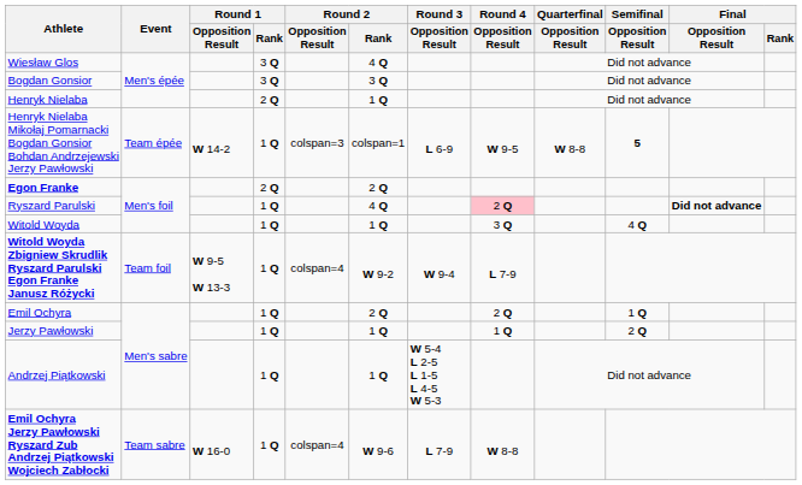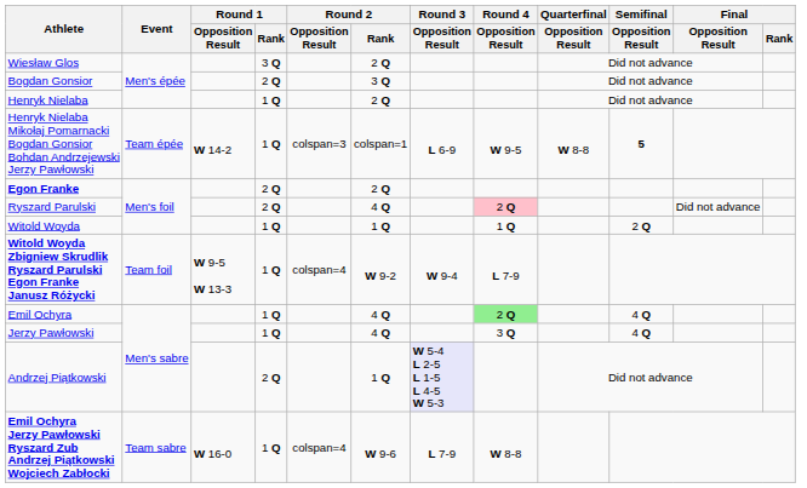 <table class="wikitable" style="font-size:90%;">
 <tr>
 <th rowspan="2">Athlete</th>
 <th rowspan="2">Event</th>
 <th colspan="2">Round 1</th>
 <th colspan="2">Round 2</th>
 <th colspan="1">Round 3</th>
 <th colspan="1">Round 4</th>
 <th colspan="1">Quarterfinal</th>
 <th colspan="1">Semifinal</th>
 <th colspan=2>Final</th>
 </tr>
 <tr style="font-size:95%">
 <th>Opposition<br>Result</th>
 <th>Rank</th>
 <th>Opposition<br>Result</th>
 <th>Rank</th>
 <th>Opposition<br>Result</th>
 <th>Opposition<br>Result</th>
 <th>Opposition<br>Result</th>
 <th>Opposition<br>Result</th>
 <th>Opposition<br>Result</th>
 <th>Rank</th>
 </tr>
 <tr align=center>
 <td align=left><a href='#'>Wiesław Glos</a></td>
 <td align=left rowspan=3><a href='#'>Men's épée</a></td>
 <td></td>
 <td>3 <strong>Q</strong></td>
 <td></td>
-<td>4 <strong>Q</strong></td>
+<td>2 <strong>Q</strong></td>
 <td></td>
 <td></td>
 <td colspan=3>Did not advance</td>
 <td></td>
 </tr>
 <tr align=center>
 <td align=left><a href='#'>Bogdan Gonsior</a></td>
 <td></td>
-<td>3 <strong>Q</strong></td>
+<td>2 <strong>Q</strong></td>
 <td></td>
 <td>3 <strong>Q</strong></td>
 <td></td>
 <td></td>
 <td colspan=3>Did not advance</td>
 <td></td>
 </tr>
 <tr align=center>
 <td align=left><a href='#'>Henryk Nielaba</a></td>
 <td></td>
+<td>1 <strong>Q</strong></td>
+<td></td>
 <td>2 <strong>Q</strong></td>
-<td></td>
-<td>1 <strong>Q</strong></td>
 <td></td>
 <td></td>
 <td colspan=3>Did not advance</td>
 <td></td>
 </tr>
 <tr align=center>
 <td align=left><a href='#'>Henryk Nielaba</a><br><a href='#'>Mikołaj Pomarnacki</a><br><a href='#'>Bogdan Gonsior</a><br><a href='#'>Bohdan Andrzejewski</a><br><a href='#'>Jerzy Pawłowski</a></td>
 <td align=left><a href='#'>Team épée</a></td>
 <td align=left><br> <strong>W</strong> 14-2<br></td>
 <td>1 <strong>Q</strong></td>
 <td>colspan=3 </td>
 <td>colspan=1 </td>
 <td><br> <strong>L</strong> 6-9</td>
 <td><br> <strong>W</strong> 9-5</td>
 <td><br> <strong>W</strong> 8-8</td>
 <td><strong>5</strong></td>
 </tr>
 <tr align=center>
 <td align=left><strong><a href='#'>Egon Franke</a></strong></td>
 <td align=left rowspan=3><a href='#'>Men's foil</a></td>
 <td></td>
 <td>2 <strong>Q</strong></td>
 <td></td>
 <td>2 <strong>Q</strong></td>
 <td></td>
 <td></td>
 <td></td>
 <td></td>
 <td></td>
 <td></td>
 </tr>
 <tr align=center>
 <td align=left><a href='#'>Ryszard Parulski</a></td>
 <td></td>
-<td>1 <strong>Q</strong></td>
+<td>2 <strong>Q</strong></td>
 <td></td>
 <td>4 <strong>Q</strong></td>
 <td></td>
 <td style="background: pink;">2 <strong>Q</strong></td>
 <td></td>
 <td></td>
-<td colspan=1><strong>Did not advance</strong></td>
+<td colspan=1>Did not advance</td>
 <td></td>
 </tr>
 <tr align=center>
 <td align=left><a href='#'>Witold Woyda</a></td>
 <td></td>
 <td>1 <strong>Q</strong></td>
 <td></td>
 <td>1 <strong>Q</strong></td>
 <td></td>
-<td>3 <strong>Q</strong></td>
+<td>1 <strong>Q</strong></td>
 <td></td>
-<td>4 <strong>Q</strong></td>
+<td>2 <strong>Q</strong></td>
 <td></td>
 <td></td>
 </tr>
 <tr align=center>
 <td align=left><strong><a href='#'>Witold Woyda</a><br><a href='#'>Zbigniew Skrudlik</a><br><a href='#'>Ryszard Parulski</a><br><a href='#'>Egon Franke</a><br><a href='#'>Janusz Różycki</a></strong></td>
 <td align=left><a href='#'>Team foil</a></td>
 <td align=left><br> <strong>W</strong> 9-5<br><br> <strong>W</strong> 13-3<br></td>
 <td>1 <strong>Q</strong></td>
 <td>colspan=4 </td>
 <td><br> <strong>W</strong> 9-2</td>
 <td><br> <strong>W</strong> 9-4</td>
 <td><br> <strong>L</strong> 7-9</td>
 <td></td>
 </tr>
 <tr align=center>
 <td align=left><a href='#'>Emil Ochyra</a></td>
 <td align=left rowspan=3><a href='#'>Men's sabre</a></td>
 <td></td>
 <td>1 <strong>Q</strong></td>
 <td></td>
-<td>2 <strong>Q</strong></td>
+<td>4 <strong>Q</strong></td>
 <td></td>
-<td>2 <strong>Q</strong></td>
+<td style="background: lightgreen;">2 <strong>Q</strong></td>
 <td></td>
-<td>1 <strong>Q</strong></td>
+<td>4 <strong>Q</strong></td>
 <td></td>
 <td></td>
 </tr>
 <tr align=center>
 <td align=left><a href='#'>Jerzy Pawłowski</a></td>
 <td></td>
 <td>1 <strong>Q</strong></td>
 <td></td>
-<td>1 <strong>Q</strong></td>
+<td>4 <strong>Q</strong></td>
 <td></td>
-<td>1 <strong>Q</strong></td>
+<td>3 <strong>Q</strong></td>
 <td></td>
-<td>2 <strong>Q</strong></td>
+<td>4 <strong>Q</strong></td>
 <td></td>
 <td></td>
 </tr>
 <tr align=center>
 <td align=left><a href='#'>Andrzej Piątkowski</a></td>
 <td></td>
-<td>1 <strong>Q</strong></td>
+<td>2 <strong>Q</strong></td>
 <td></td>
 <td>1 <strong>Q</strong></td>
-<td align=left> <strong>W</strong> 5-4<br> <strong>L</strong> 2-5<br> <strong>L</strong> 1-5<br> <strong>L</strong> 4-5<br> <strong>W</strong> 5-3</td>
+<td align=left style="background: lavender;"> <strong>W</strong> 5-4<br> <strong>L</strong> 2-5<br> <strong>L</strong> 1-5<br> <strong>L</strong> 4-5<br> <strong>W</strong> 5-3</td>
 <td></td>
 <td colspan=3>Did not advance</td>
 <td></td>
 </tr>
 <tr align=center>
 <td align=left><strong><a href='#'>Emil Ochyra</a><br><a href='#'>Jerzy Pawłowski</a><br><a href='#'>Ryszard Zub</a><br><a href='#'>Andrzej Piątkowski</a><br><a href='#'>Wojciech Zabłocki</a></strong></td>
 <td align=left><a href='#'>Team sabre</a></td>
 <td align=left><br> <strong>W</strong> 16-0<br></td>
 <td>1 <strong>Q</strong></td>
 <td>colspan=4 </td>
 <td><br> <strong>W</strong> 9-6</td>
 <td><br> <strong>L</strong> 7-9</td>
 <td><br> <strong>W</strong> 8-8</td>
 <td></td>
 </tr>
 </table>
